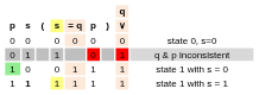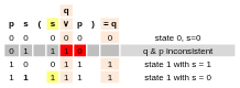 <table>
 <tr style="font-size:9pt" align="center">
 <th width="16.5" Height="12"></th>
 <th width="14.25"></th>
 <th width="14.25"></th>
 <th width="14.25"></th>
-<th width="23.25"></th>
+<th style="background-color:#FDE9D9;font-weight:bold" width="14.25">q</th>
 <th width="14.25"></th>
 <th width="14.25"></th>
-<th style="background-color:#FDE9D9;font-weight:bold" width="14.25">q</th>
+<th width="23.25"></th>
 <th width="153"></th>
 </tr>
 <tr style="font-size:9pt" align="center">
 <th style="font-weight:bold" Height="12">p</th>
 <th style="font-weight:bold">s</th>
 <th style="font-weight:bold">(</th>
 <th style="background-color:#FCFF7F;font-weight:bold">s</th>
-<th style="background-color:#FDE9D9;font-weight:bold">= q</th>
+<th style="background-color:#FDE9D9;font-weight:bold">∨</th>
 <th style="font-weight:bold">p</th>
 <th style="font-weight:bold">)</th>
-<th style="background-color:#FDE9D9;font-weight:bold">∨</th>
+<th style="background-color:#FDE9D9;font-weight:bold">= q</th>
 <th></th>
 </tr>
 <tr style="font-size:9pt" align="center">
 <td Height="12">0</td>
 <td>0</td>
 <td></td>
 <td>0</td>
 <td style="background-color:#FDE9D9">0</td>
 <td>0</td>
 <td></td>
 <td style="background-color:#FDE9D9">0</td>
 <td>state 0, s=0</td>
 </tr>
 <tr style="font-size:9pt" align="center">
 <td style="background-color:#BFBFBF" Height="12">0</td>
 <td style="background-color:#BFBFBF">1</td>
 <td style="background-color:#BFBFBF"></td>
 <td style="background-color:#BFBFBF">1</td>
-<td style="background-color:#BFBFBF"></td>
+<td style="background-color:red">1</td>
 <td style="background-color:red">0</td>
 <td style="background-color:#BFBFBF"></td>
-<td style="background-color:red">1</td>
+<td style="background-color:#BFBFBF"></td>
 <td style="background-color:#D8D8D8">q & p inconsistent</td>
 </tr>
 <tr style="font-size:9pt" align="center">
-<td Height="12" style="background: lightgreen;">1</td>
+<td Height="12">1</td>
 <td>0</td>
 <td></td>
 <td>0</td>
 <td style="background-color:#FDE9D9">1</td>
 <td>1</td>
 <td></td>
 <td style="background-color:#FDE9D9">1</td>
-<td>state 1 with s = 0</td>
+<td>state 1 with s = 1</td>
 </tr>
 <tr style="font-size:9pt" align="center">
 <td Height="12">1</td>
 <td><strong>1</strong></td>
 <td></td>
 <td style="background-color:#FCFF7F">1</td>
 <td style="background-color:#FDE9D9">1</td>
 <td>1</td>
 <td></td>
 <td style="background-color:#FDE9D9">1</td>
-<td>state 1 with s = 1</td>
+<td>state 1 with s = 0</td>
 </tr>
 </table>
